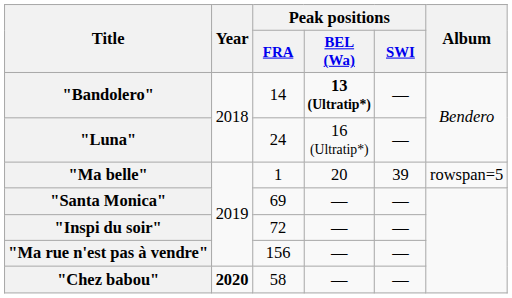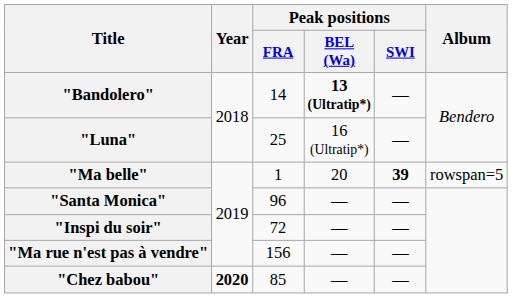 <table class="wikitable plainrowheaders" style="text-align:center">
 <tr>
 <th scope="col" rowspan="2">Title</th>
 <th scope="col" rowspan="2">Year</th>
 <th scope="col" colspan="3">Peak positions</th>
 <th scope="col" rowspan="2">Album</th>
 </tr>
 <tr>
 <th scope="col" style="width:3em;font-size:90%;"><a href='#'>FRA</a><br></th>
 <th scope="col" style="width:3em;font-size:90%;"><a href='#'>BEL<br>(Wa)</a><br></th>
 <th scope="col" style="width:3em;font-size:90%;"><a href='#'>SWI</a><br></th>
 </tr>
 <tr>
 <th scope="row">"Bandolero"</th>
 <td rowspan=2>2018</td>
 <td>14</td>
 <td><strong>13 <br><small>(Ultratip*)</small></strong></td>
 <td>—</td>
 <td rowspan=2><em>Bendero</em></td>
 </tr>
 <tr>
 <th scope="row">"Luna"</th>
-<td>24</td>
+<td>25</td>
 <td>16 <br><small>(Ultratip*)</small></td>
 <td>—</td>
 </tr>
 <tr>
 <th scope="row">"Ma belle"</th>
 <td rowspan=4>2019</td>
 <td>1<br></td>
 <td>20</td>
-<td>39</td>
+<td><strong>39</strong></td>
 <td>rowspan=5 </td>
 </tr>
 <tr>
 <th scope="row">"Santa Monica"</th>
-<td>69<br></td>
+<td>96<br></td>
 <td>—</td>
 <td>—</td>
 </tr>
 <tr>
 <th scope="row">"Inspi du soir"</th>
 <td>72<br></td>
 <td>—</td>
 <td>—</td>
 </tr>
 <tr>
 <th scope="row">"Ma rue n'est pas à vendre"</th>
 <td>156<br></td>
 <td>—</td>
 <td>—</td>
 </tr>
 <tr>
 <th scope="row">"Chez babou"</th>
 <td><strong>2020</strong></td>
-<td>58<br></td>
+<td>85<br></td>
 <td>—</td>
 <td>—</td>
 </tr>
 </table>
